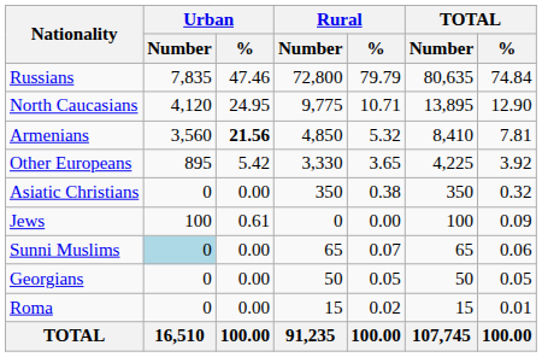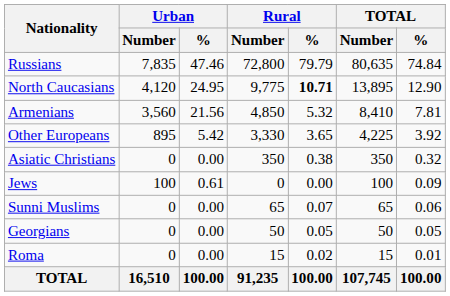 <table class="wikitable sortable">
 <tr>
 <th rowspan="2">Nationality</th>
 <th colspan="2"><a href='#'>Urban</a></th>
 <th colspan="2"><a href='#'>Rural</a></th>
 <th colspan="2">TOTAL</th>
 </tr>
 <tr>
 <th>Number</th>
 <th>%</th>
 <th>Number</th>
 <th>%</th>
 <th>Number</th>
 <th>%</th>
 </tr>
 <tr>
 <td><a href='#'>Russians</a></td>
 <td align="right">7,835</td>
 <td align="right">47.46</td>
 <td align="right">72,800</td>
 <td align="right">79.79</td>
 <td align="right">80,635</td>
 <td align="right">74.84</td>
 </tr>
 <tr>
 <td><a href='#'>North Caucasians</a></td>
 <td align="right">4,120</td>
 <td align="right">24.95</td>
 <td align="right">9,775</td>
-<td align="right">10.71</td>
+<td align="right"><strong>10.71</strong></td>
 <td align="right">13,895</td>
 <td align="right">12.90</td>
 </tr>
 <tr>
 <td><a href='#'>Armenians</a></td>
 <td align="right">3,560</td>
-<td align="right"><strong>21.56</strong></td>
+<td align="right">21.56</td>
 <td align="right">4,850</td>
 <td align="right">5.32</td>
 <td align="right">8,410</td>
 <td align="right">7.81</td>
 </tr>
 <tr>
 <td><a href='#'>Other Europeans</a></td>
 <td align="right">895</td>
 <td align="right">5.42</td>
 <td align="right">3,330</td>
 <td align="right">3.65</td>
 <td align="right">4,225</td>
 <td align="right">3.92</td>
 </tr>
 <tr>
 <td><a href='#'>Asiatic Christians</a></td>
 <td align="right">0</td>
 <td align="right">0.00</td>
 <td align="right">350</td>
 <td align="right">0.38</td>
 <td align="right">350</td>
 <td align="right">0.32</td>
 </tr>
 <tr>
 <td><a href='#'>Jews</a></td>
 <td align="right">100</td>
 <td align="right">0.61</td>
 <td align="right">0</td>
 <td align="right">0.00</td>
 <td align="right">100</td>
 <td align="right">0.09</td>
 </tr>
 <tr>
 <td><a href='#'>Sunni Muslims</a></td>
-<td align="right" style="background: lightblue;">0</td>
+<td align="right">0</td>
 <td align="right">0.00</td>
 <td align="right">65</td>
 <td align="right">0.07</td>
 <td align="right">65</td>
 <td align="right">0.06</td>
 </tr>
 <tr>
 <td><a href='#'>Georgians</a></td>
 <td align="right">0</td>
 <td align="right">0.00</td>
 <td align="right">50</td>
 <td align="right">0.05</td>
 <td align="right">50</td>
 <td align="right">0.05</td>
 </tr>
 <tr>
 <td><a href='#'>Roma</a></td>
 <td align="right">0</td>
 <td align="right">0.00</td>
 <td align="right">15</td>
 <td align="right">0.02</td>
 <td align="right">15</td>
 <td align="right">0.01</td>
 </tr>
 <tr>
 <th>TOTAL</th>
 <th>16,510</th>
 <th>100.00</th>
 <th>91,235</th>
 <th>100.00</th>
 <th>107,745</th>
 <th>100.00</th>
 </tr>
 </table>
